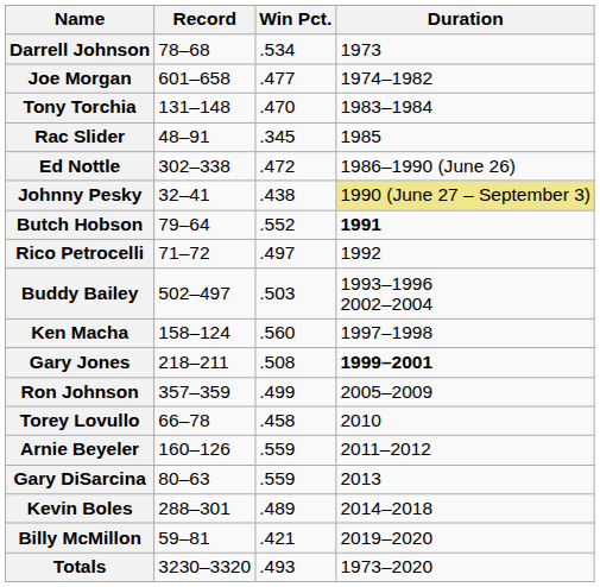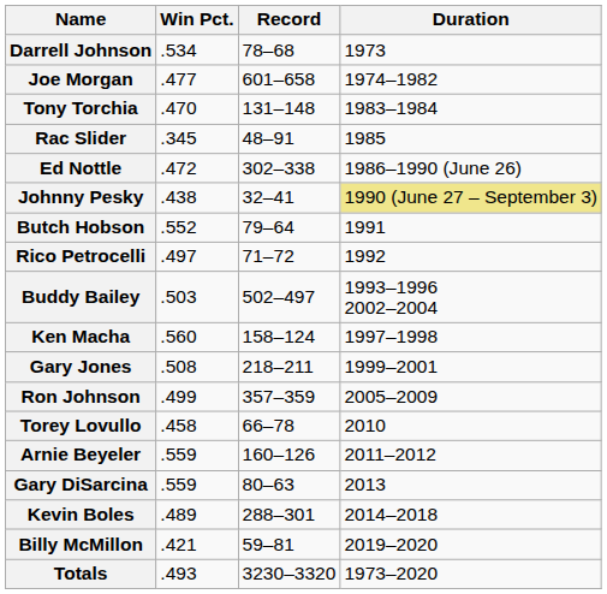 <table class="wikitable">
 <tr>
 <th>Name</th>
+<th>Win Pct.</th>
 <th>Record</th>
-<th>Win Pct.</th>
 <th>Duration</th>
 </tr>
 <tr>
 <th>Darrell Johnson</th>
+<td>.534</td>
 <td>78–68</td>
-<td>.534</td>
 <td>1973</td>
 </tr>
 <tr>
 <th>Joe Morgan</th>
+<td>.477</td>
 <td>601–658</td>
-<td>.477</td>
 <td>1974–1982</td>
 </tr>
 <tr>
 <th>Tony Torchia</th>
+<td>.470</td>
 <td>131–148</td>
-<td>.470</td>
 <td>1983–1984</td>
 </tr>
 <tr>
 <th>Rac Slider</th>
+<td>.345</td>
 <td>48–91</td>
-<td>.345</td>
 <td>1985</td>
 </tr>
 <tr>
 <th>Ed Nottle</th>
+<td>.472</td>
 <td>302–338</td>
-<td>.472</td>
 <td>1986–1990 (June 26)</td>
 </tr>
 <tr>
 <th>Johnny Pesky</th>
+<td>.438</td>
 <td>32–41</td>
-<td>.438</td>
 <td style="background: khaki;">1990 (June 27 – September 3)</td>
 </tr>
 <tr>
 <th>Butch Hobson</th>
+<td>.552</td>
 <td>79–64</td>
-<td>.552</td>
-<td><strong>1991</strong></td>
+<td>1991</td>
 </tr>
 <tr>
 <th>Rico Petrocelli</th>
+<td>.497</td>
 <td>71–72</td>
-<td>.497</td>
 <td>1992</td>
 </tr>
 <tr>
 <th>Buddy Bailey</th>
+<td>.503</td>
 <td>502–497</td>
-<td>.503</td>
 <td>1993–1996<br>2002–2004</td>
 </tr>
 <tr>
 <th>Ken Macha</th>
+<td>.560</td>
 <td>158–124</td>
-<td>.560</td>
 <td>1997–1998</td>
 </tr>
 <tr>
 <th>Gary Jones</th>
+<td>.508</td>
 <td>218–211</td>
-<td>.508</td>
-<td><strong>1999–2001</strong></td>
+<td>1999–2001</td>
 </tr>
 <tr>
 <th>Ron Johnson</th>
+<td>.499</td>
 <td>357–359</td>
-<td>.499</td>
 <td>2005–2009</td>
 </tr>
 <tr>
 <th>Torey Lovullo</th>
+<td>.458</td>
 <td>66–78</td>
-<td>.458</td>
 <td>2010</td>
 </tr>
 <tr>
 <th>Arnie Beyeler</th>
+<td>.559</td>
 <td>160–126</td>
-<td>.559</td>
 <td>2011–2012</td>
 </tr>
 <tr>
 <th>Gary DiSarcina</th>
+<td>.559</td>
 <td>80–63</td>
-<td>.559</td>
 <td>2013</td>
 </tr>
 <tr>
 <th>Kevin Boles</th>
+<td>.489</td>
 <td>288–301</td>
-<td>.489</td>
 <td>2014–2018</td>
 </tr>
 <tr>
 <th>Billy McMillon</th>
+<td>.421</td>
 <td>59–81</td>
-<td>.421</td>
 <td>2019–2020</td>
 </tr>
 <tr>
 <th>Totals</th>
+<td>.493</td>
 <td>3230–3320</td>
-<td>.493</td>
 <td>1973–2020</td>
 </tr>
 </table>
